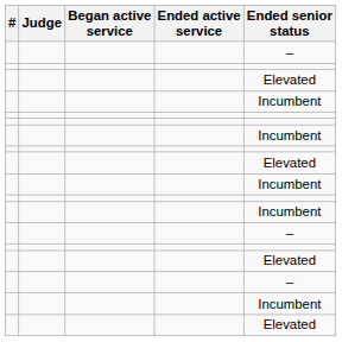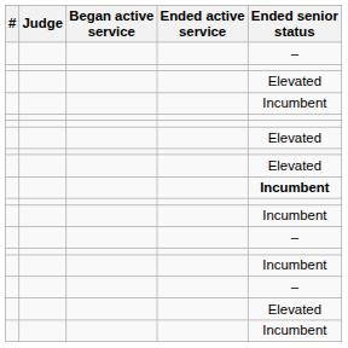 <table class="sortable wikitable">
 <tr>
 <th>#</th>
 <th>Judge</th>
 <th>Began active<br>service</th>
 <th>Ended active<br>service</th>
 <th>Ended senior<br>status</th>
 </tr>
 <tr>
 <td></td>
 <td></td>
 <td></td>
 <td></td>
 <td align="center">–</td>
 </tr>
 <tr>
 <td></td>
 <td></td>
 <td></td>
 <td></td>
 <td></td>
 </tr>
 <tr>
 <td></td>
 <td></td>
 <td></td>
 <td></td>
 <td align="center">Elevated</td>
 </tr>
 <tr>
 <td></td>
 <td></td>
 <td></td>
 <td></td>
 <td align="center">Incumbent</td>
 </tr>
 <tr>
 <td></td>
 <td></td>
 <td></td>
 <td></td>
 <td></td>
 </tr>
 <tr>
 <td></td>
 <td></td>
 <td></td>
 <td></td>
 <td></td>
 </tr>
 <tr>
 <td></td>
 <td></td>
 <td></td>
 <td></td>
-<td align="center">Incumbent</td>
+<td align="center">Elevated</td>
 </tr>
 <tr>
 <td></td>
 <td></td>
 <td></td>
 <td></td>
 <td></td>
 </tr>
 <tr>
 <td></td>
 <td></td>
 <td></td>
 <td></td>
 <td align="center">Elevated</td>
 </tr>
 <tr>
 <td></td>
 <td></td>
 <td></td>
 <td></td>
-<td align="center">Incumbent</td>
+<td align="center"><strong>Incumbent</strong></td>
 </tr>
 <tr>
 <td></td>
 <td></td>
 <td></td>
 <td></td>
 <td></td>
 </tr>
 <tr>
 <td></td>
 <td></td>
 <td></td>
 <td></td>
 <td align="center">Incumbent</td>
 </tr>
 <tr>
 <td></td>
 <td></td>
 <td></td>
 <td></td>
 <td align="center">–</td>
 </tr>
 <tr>
 <td></td>
 <td></td>
 <td></td>
 <td></td>
 <td></td>
 </tr>
 <tr>
 <td></td>
 <td></td>
 <td></td>
 <td></td>
-<td align="center">Elevated</td>
+<td align="center">Incumbent</td>
 </tr>
 <tr>
 <td></td>
 <td></td>
 <td></td>
 <td></td>
 <td align="center">–</td>
 </tr>
 <tr>
 <td></td>
 <td></td>
 <td></td>
 <td></td>
-<td align="center">Incumbent</td>
+<td align="center">Elevated</td>
 </tr>
 <tr>
 <td></td>
 <td></td>
 <td></td>
 <td></td>
-<td align="center">Elevated</td>
+<td align="center">Incumbent</td>
 </tr>
 </table>
